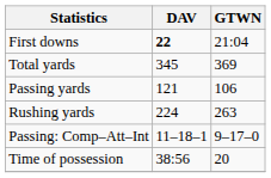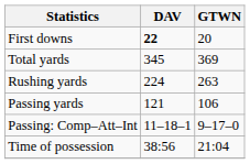 <table class="wikitable" style="float: left;">
 <tr>
 <th>Statistics</th>
 <th>DAV</th>
 <th>GTWN</th>
 </tr>
 <tr>
 <td>First downs</td>
 <td><strong>22</strong></td>
-<td>21:04</td>
+<td>20</td>
 </tr>
 <tr>
 <td>Total yards</td>
 <td>345</td>
 <td>369</td>
 </tr>
 <tr>
+<td>Rushing yards</td>
+<td>224</td>
+<td>263</td>
+</tr>
+<tr>
 <td>Passing yards</td>
 <td>121</td>
 <td>106</td>
-</tr>
-<tr>
-<td>Rushing yards</td>
-<td>224</td>
-<td>263</td>
 </tr>
 <tr>
 <td>Passing: Comp–Att–Int</td>
 <td>11–18–1</td>
 <td>9–17–0</td>
 </tr>
 <tr>
 <td>Time of possession</td>
 <td>38:56</td>
-<td>20</td>
+<td>21:04</td>
 </tr>
 <tr>
 </tr>
 </table>
